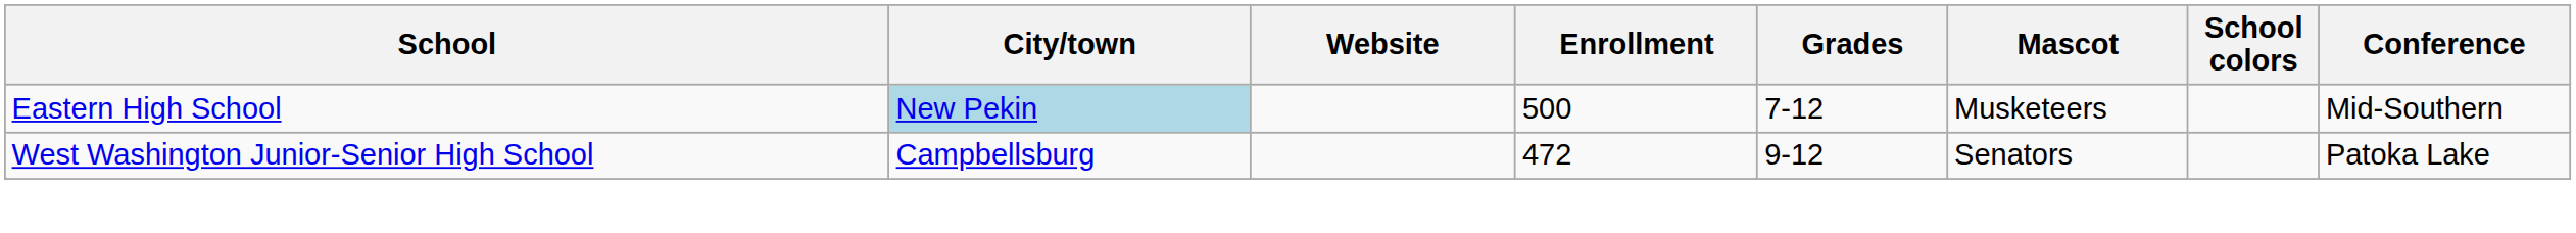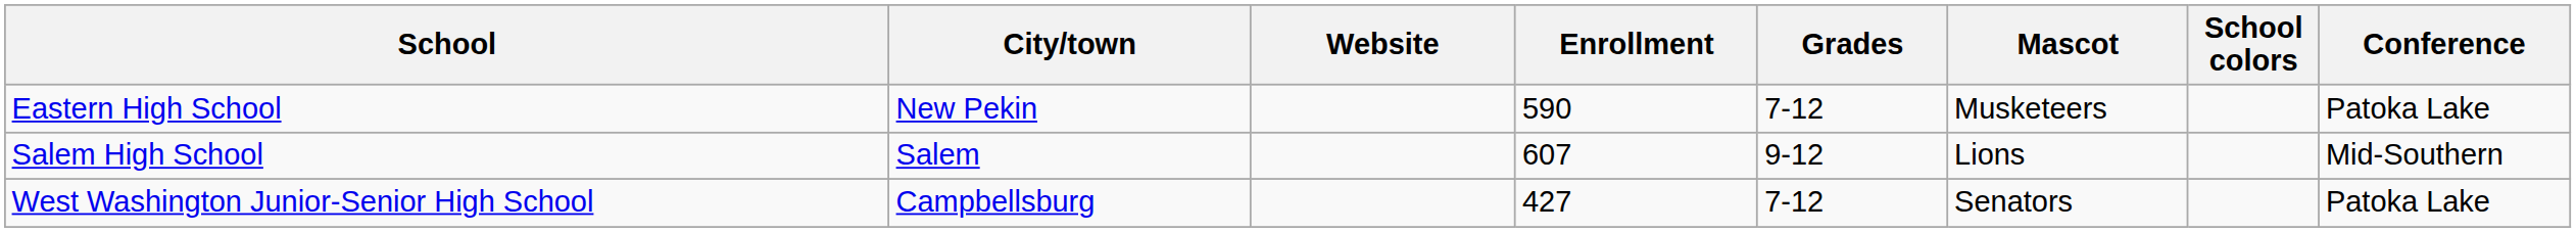 <table class="wikitable sortable" width="70%">
 <tr>
 <th width="20%">School</th>
 <th width="08%">City/town</th>
 <th width="06%">Website</th>
 <th width="04%">Enrollment</th>
 <th width="04%">Grades</th>
 <th width="04%">Mascot</th>
 <th width=01%>School colors</th>
 <th width="04%">Conference</th>
 </tr>
 <tr>
 <td><a href='#'>Eastern High School</a></td>
-<td style="background: lightblue;"><a href='#'>New Pekin</a></td>
+<td><a href='#'>New Pekin</a></td>
 <td></td>
-<td>500</td>
+<td>590</td>
 <td>7-12</td>
 <td>Musketeers</td>
+<td>  </td>
+<td>Patoka Lake</td>
+</tr>
+<tr>
+<td><a href='#'>Salem High School</a></td>
+<td><a href='#'>Salem</a></td>
+<td></td>
+<td>607</td>
+<td>9-12</td>
+<td>Lions</td>
 <td>  </td>
 <td>Mid-Southern</td>
 </tr>
 <tr>
 <td><a href='#'>West Washington Junior-Senior High School</a></td>
 <td><a href='#'>Campbellsburg</a></td>
 <td></td>
-<td>472</td>
-<td>9-12</td>
+<td>427</td>
+<td>7-12</td>
 <td>Senators</td>
 <td>  </td>
 <td>Patoka Lake</td>
 </tr>
 </table>
